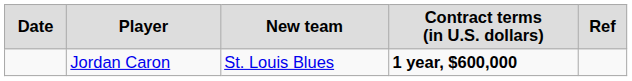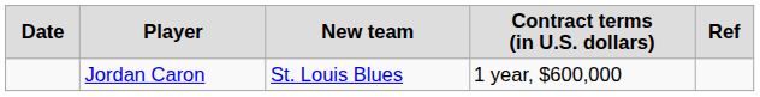 <table class="wikitable" width=97%>
 <tr align="center" bgcolor="#dddddd">
 <td><strong>Date</strong></td>
 <td><strong>Player</strong></td>
 <td><strong>New team</strong></td>
 <td><strong>Contract terms</strong><br><strong>(in U.S. dollars)</strong></td>
 <td><strong>Ref</strong></td>
 </tr>
 <tr>
 <td></td>
 <td><a href='#'>Jordan Caron</a></td>
 <td><a href='#'>St. Louis Blues</a></td>
-<td><strong>1 year, $600,000</strong></td>
+<td>1 year, $600,000</td>
 <td></td>
 </tr>
 </table>
